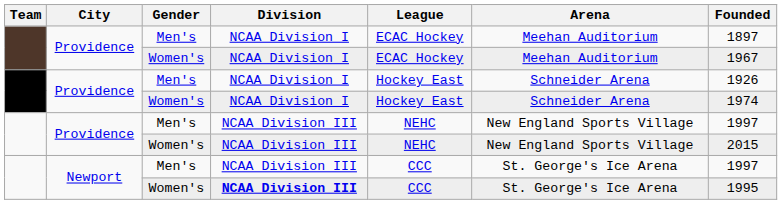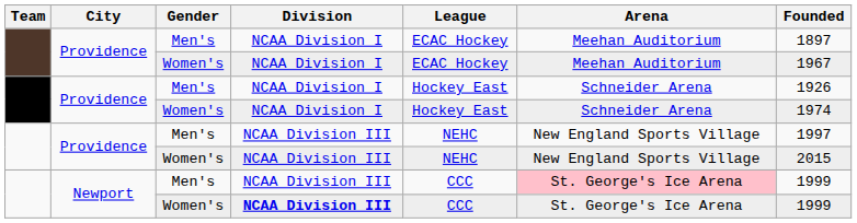 <table class="wikitable sortable" width="60%">
 <tr>
 <th>Team</th>
 <th>City</th>
 <th>Gender</th>
 <th>Division</th>
 <th>League</th>
 <th>Arena</th>
 <th>Founded</th>
 </tr>
 <tr align=center>
 <td rowspan=2; style="color:white; background:#4E3629; "><strong><a href='#'></a></strong></td>
 <td rowspan=2><a href='#'>Providence</a></td>
 <td><a href='#'>Men's</a></td>
 <td><a href='#'>NCAA Division I</a></td>
 <td><a href='#'>ECAC Hockey</a></td>
 <td><a href='#'>Meehan Auditorium</a></td>
 <td>1897</td>
 </tr>
 <tr align=center bgcolor=eeeeee>
 <td><a href='#'>Women's</a></td>
 <td><a href='#'>NCAA Division I</a></td>
 <td><a href='#'>ECAC Hockey</a></td>
 <td><a href='#'>Meehan Auditorium</a></td>
 <td>1967</td>
 </tr>
 <tr align=center>
 <td rowspan=2; style="color:white; background:#000000; "><strong><a href='#'></a></strong></td>
 <td rowspan=2><a href='#'>Providence</a></td>
 <td><a href='#'>Men's</a></td>
 <td><a href='#'>NCAA Division I</a></td>
 <td><a href='#'>Hockey East</a></td>
 <td><a href='#'>Schneider Arena</a></td>
 <td>1926</td>
 </tr>
 <tr align=center bgcolor=eeeeee>
 <td><a href='#'>Women's</a></td>
 <td><a href='#'>NCAA Division I</a></td>
 <td><a href='#'>Hockey East</a></td>
 <td><a href='#'>Schneider Arena</a></td>
 <td>1974</td>
 </tr>
 <tr align=center>
 <td rowspan=2;><strong><a href='#'></a></strong></td>
 <td rowspan=2><a href='#'>Providence</a></td>
 <td>Men's</td>
 <td><a href='#'>NCAA Division III</a></td>
 <td><a href='#'>NEHC</a></td>
 <td>New England Sports Village</td>
 <td>1997</td>
 </tr>
 <tr align=center bgcolor=eeeeee>
 <td>Women's</td>
 <td><a href='#'>NCAA Division III</a></td>
 <td><a href='#'>NEHC</a></td>
 <td>New England Sports Village</td>
 <td>2015</td>
 </tr>
 <tr align=center>
 <td rowspan=2;><strong><a href='#'></a></strong></td>
 <td rowspan=2><a href='#'>Newport</a></td>
 <td>Men's</td>
 <td><a href='#'>NCAA Division III</a></td>
 <td><a href='#'>CCC</a></td>
-<td>St. George's Ice Arena</td>
-<td>1997</td>
+<td style="background: pink;">St. George's Ice Arena</td>
+<td>1999</td>
 </tr>
 <tr align=center bgcolor=eeeeee>
 <td>Women's</td>
 <td><strong><a href='#'>NCAA Division III</a></strong></td>
 <td><a href='#'>CCC</a></td>
 <td>St. George's Ice Arena</td>
-<td>1995</td>
+<td>1999</td>
 </tr>
 </table>
